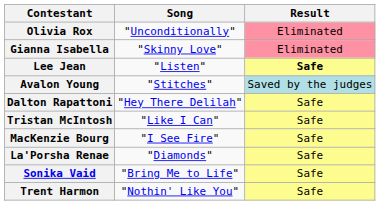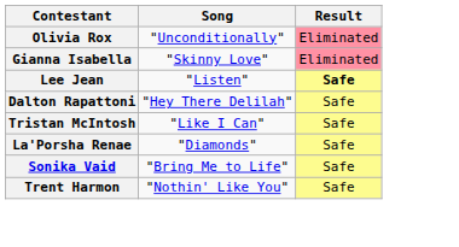 <table class="wikitable unsortable" style="text-align:center;">
 <tr>
 <th scope="col">Contestant</th>
 <th scope="col">Song</th>
 <th scope="col">Result</th>
 </tr>
 <tr>
 <th scope="row">Olivia Rox</th>
 <td>"<a href='#'>Unconditionally</a>"</td>
 <td bgcolor="FF91A4">Eliminated</td>
 </tr>
 <tr>
 <th scope="row">Gianna Isabella</th>
 <td>"<a href='#'>Skinny Love</a>"</td>
 <td bgcolor="FF91A4">Eliminated</td>
 </tr>
 <tr>
 <th scope="row">Lee Jean</th>
 <td>"<a href='#'>Listen</a>"</td>
 <td style="background:#FDFC8F"><strong>Safe</strong></td>
 </tr>
 <tr>
-<th scope="row">Avalon Young</th>
-<td>"<a href='#'>Stitches</a>"</td>
-<td bgcolor="B0E0E6">Saved by the judges</td>
-</tr>
-<tr>
 <th scope="row">Dalton Rapattoni</th>
 <td>"<a href='#'>Hey There Delilah</a>"</td>
 <td style="background:#FDFC8F">Safe</td>
 </tr>
 <tr>
 <th scope="row">Tristan McIntosh</th>
 <td>"<a href='#'>Like I Can</a>"</td>
-<td style="background:#FDFC8F">Safe</td>
-</tr>
-<tr>
-<th scope="row">MacKenzie Bourg</th>
-<td>"<a href='#'>I See Fire</a>"</td>
 <td style="background:#FDFC8F">Safe</td>
 </tr>
 <tr>
 <th scope="row">La'Porsha Renae</th>
 <td>"<a href='#'>Diamonds</a>"</td>
 <td style="background:#FDFC8F">Safe</td>
 </tr>
 <tr>
 <th scope="row"><a href='#'>Sonika Vaid</a></th>
 <td>"<a href='#'>Bring Me to Life</a>"</td>
 <td style="background:#FDFC8F">Safe</td>
 </tr>
 <tr>
 <th scope="row">Trent Harmon</th>
 <td>"<a href='#'>Nothin' Like You</a>"</td>
 <td style="background:#FDFC8F">Safe</td>
 </tr>
 </table>
